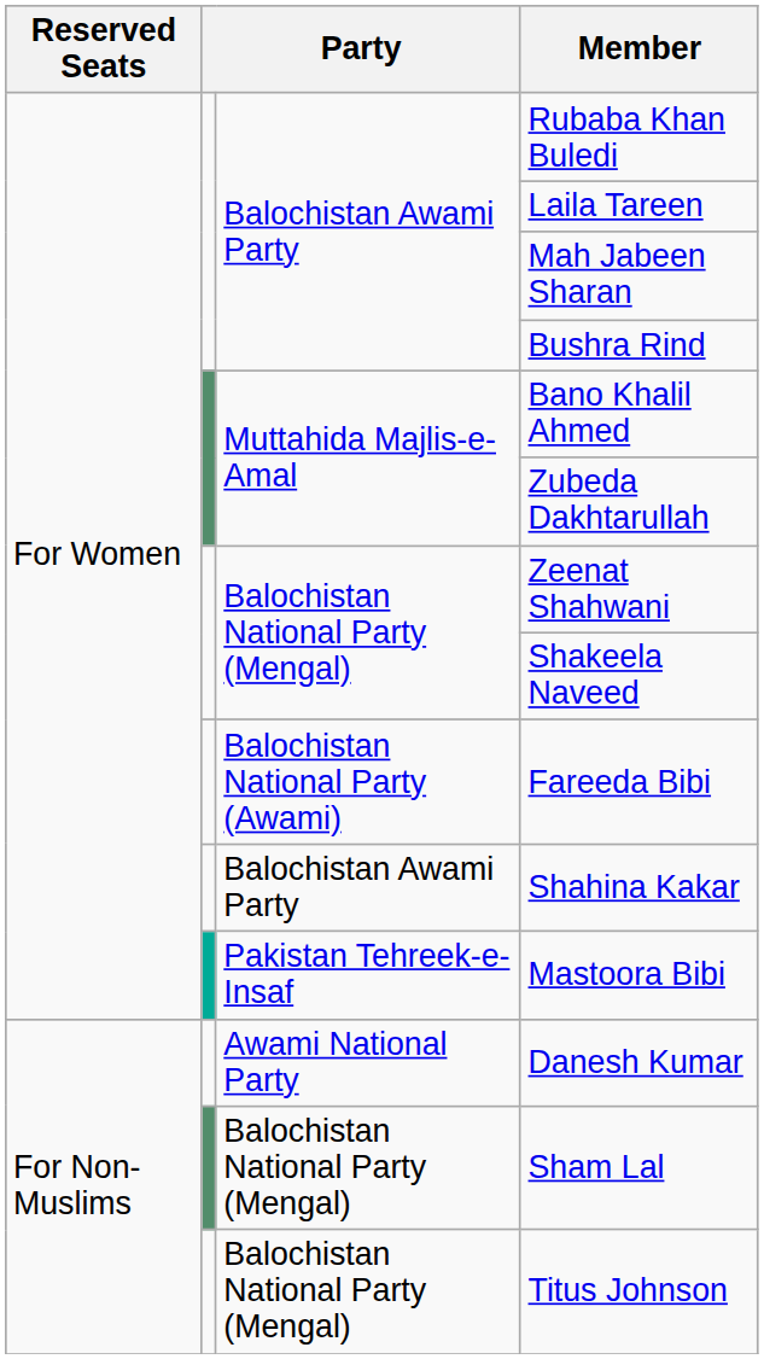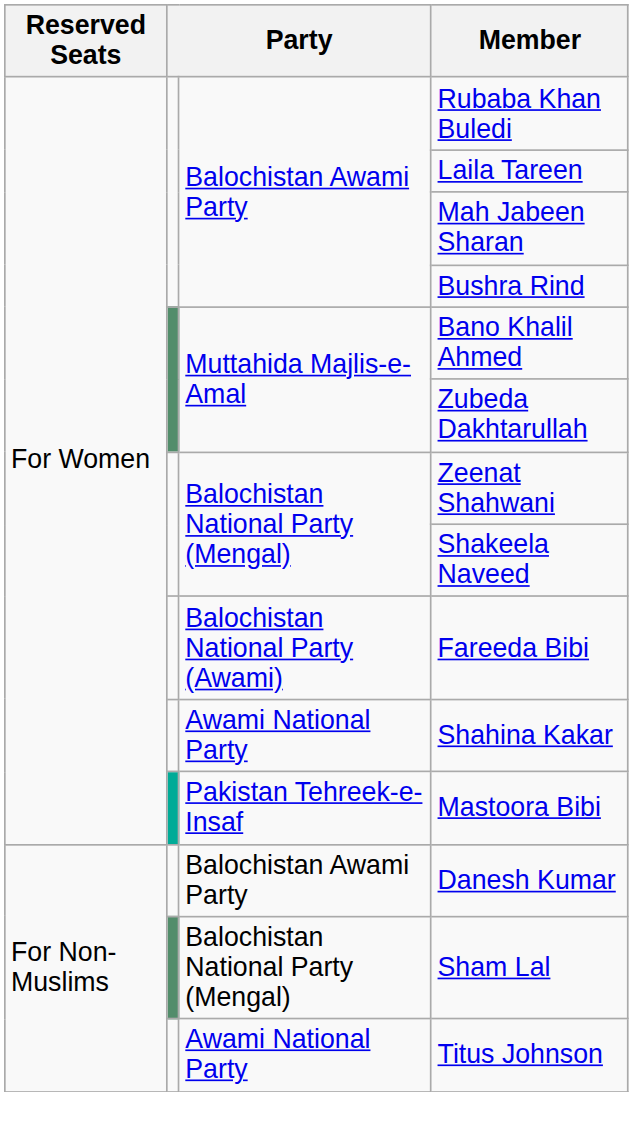 <table class="wikitable sortable" style="width: 60%;">
 <tr>
 <th class="wikitable">Reserved Seats</th>
 <th colspan="2">Party</th>
 <th>Member</th>
 </tr>
 <tr>
 <td rowspan="11">For Women</td>
 <td rowspan="4" style="background-color:"></td>
 <td rowspan="4"><a href='#'>Balochistan Awami Party</a></td>
 <td><a href='#'>Rubaba Khan Buledi</a></td>
 </tr>
 <tr>
 <td><a href='#'>Laila Tareen</a></td>
 </tr>
 <tr>
 <td><a href='#'>Mah Jabeen Sharan</a></td>
 </tr>
 <tr>
 <td><a href='#'>Bushra Rind</a></td>
 </tr>
 <tr>
 <td rowspan="2" style="background-color:#528d6b"></td>
 <td rowspan="2"><a href='#'>Muttahida Majlis-e-Amal</a></td>
 <td><a href='#'>Bano Khalil Ahmed</a></td>
 </tr>
 <tr>
 <td><a href='#'>Zubeda Dakhtarullah</a></td>
 </tr>
 <tr>
 <td rowspan="2" style="background-color:"></td>
 <td rowspan="2"><a href='#'>Balochistan National Party (Mengal)</a></td>
 <td><a href='#'>Zeenat Shahwani</a></td>
 </tr>
 <tr>
 <td><a href='#'>Shakeela Naveed</a></td>
 </tr>
 <tr>
 <td bgcolor=></td>
 <td><a href='#'>Balochistan National Party (Awami)</a></td>
 <td><a href='#'>Fareeda Bibi</a></td>
 </tr>
 <tr>
 <td bgcolor=></td>
-<td>Balochistan Awami Party</td>
+<td><a href='#'>Awami National Party</a></td>
 <td><a href='#'>Shahina Kakar</a></td>
 </tr>
 <tr>
 <td bgcolor=#00ab97></td>
 <td><a href='#'>Pakistan Tehreek-e-Insaf</a></td>
 <td><a href='#'>Mastoora Bibi</a></td>
 </tr>
 <tr>
 <td rowspan="3">For Non-Muslims</td>
 <td bgcolor=></td>
-<td><a href='#'>Awami National Party</a></td>
+<td>Balochistan Awami Party</td>
 <td><a href='#'>Danesh Kumar</a></td>
 </tr>
 <tr>
 <td bgcolor=#528d6b></td>
 <td>Balochistan National Party (Mengal)</td>
 <td><a href='#'>Sham Lal</a></td>
 </tr>
 <tr>
 <td bgcolor=></td>
-<td>Balochistan National Party (Mengal)</td>
+<td><a href='#'>Awami National Party</a></td>
 <td><a href='#'>Titus Johnson</a></td>
 </tr>
 </table>
